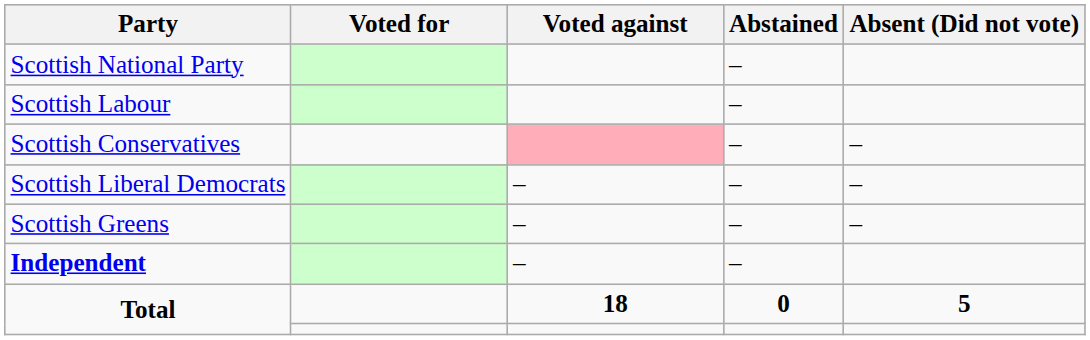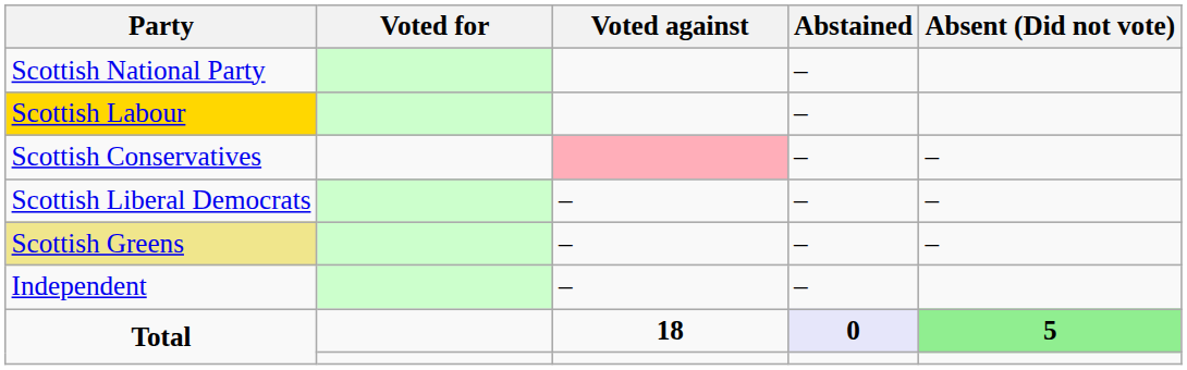 <table class="wikitable">
 <tr>
 <th>Party</th>
 <th style="width:20%;">Voted for</th>
 <th style="width:20%;">Voted against</th>
 <th>Abstained</th>
 <th>Absent (Did not vote)</th>
 </tr>
 <tr>
 <td> <a href='#'>Scottish National Party</a></td>
 <td style="background-color:#CCFFCC;"></td>
 <td></td>
 <td>–</td>
 <td></td>
 </tr>
 <tr>
-<td> <a href='#'>Scottish Labour</a></td>
+<td style="background: gold;"> <a href='#'>Scottish Labour</a></td>
 <td style="background-color:#CCFFCC;"></td>
 <td></td>
 <td>–</td>
 <td></td>
 </tr>
 <tr>
 <td> <a href='#'>Scottish Conservatives</a></td>
 <td></td>
 <td style="background-color:#FFAEB9;"></td>
 <td>–</td>
 <td>–</td>
 </tr>
 <tr>
 <td> <a href='#'>Scottish Liberal Democrats</a></td>
 <td style="background-color:#CCFFCC;"></td>
 <td>–</td>
 <td>–</td>
 <td>–</td>
 </tr>
 <tr>
-<td> <a href='#'>Scottish Greens</a></td>
+<td style="background: khaki;"> <a href='#'>Scottish Greens</a></td>
 <td style="background-color:#CCFFCC;"></td>
 <td>–</td>
 <td>–</td>
 <td>–</td>
 </tr>
 <tr>
-<td><strong> <a href='#'>Independent</a></strong></td>
+<td> <a href='#'>Independent</a></td>
 <td style="background-color:#CCFFCC;"></td>
 <td>–</td>
 <td>–</td>
 <td></td>
 </tr>
 <tr>
 <td style="text-align:center;" rowspan="2"><strong>Total</strong></td>
 <td></td>
 <td style="text-align:center;"><strong>18</strong></td>
-<td style="text-align:center;"><strong>0</strong></td>
-<td style="text-align:center;"><strong>5</strong></td>
+<td style="background: lavender; text-align:center;"><strong>0</strong></td>
+<td style="background: lightgreen; text-align:center;"><strong>5</strong></td>
 </tr>
 <tr>
 <td style="text-align:center;"></td>
 <td style="text-align:center;"></td>
 <td style="text-align:center;"></td>
 <td style="text-align:center;"></td>
 </tr>
 </table>
